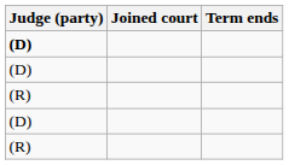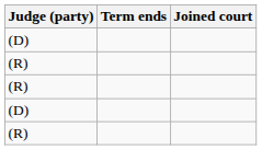 <table class="wikitable" style="border-collapse:collapse;" style="text-align: center">
 <tr bgcolor=#dedede>
 <th>Judge (party)</th>
+<th>Term ends</th>
 <th>Joined court</th>
-<th>Term ends</th>
 </tr>
 <tr>
-<td><strong> (D)</strong></td>
+<td> (D)</td>
 <td></td>
 <td></td>
 </tr>
 <tr>
-<td> (D)</td>
+<td> (R)</td>
 <td></td>
 <td></td>
 </tr>
 <tr>
 <td> (R)</td>
 <td></td>
 <td></td>
 </tr>
 <tr>
 <td> (D)</td>
 <td></td>
 <td></td>
 </tr>
 <tr>
 <td> (R)</td>
 <td></td>
 <td></td>
 </tr>
 </table>
